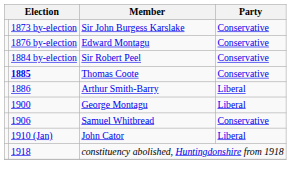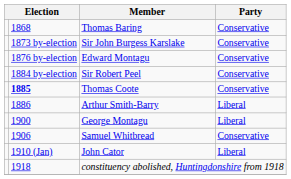 <table class="wikitable">
 <tr>
 <th colspan="2">Election</th>
 <th>Member</th>
 <th>Party</th>
+</tr>
+<tr>
+<td style="color:inherit;background-color: "></td>
+<td><a href='#'>1868</a></td>
+<td><a href='#'>Thomas Baring</a></td>
+<td><a href='#'>Conservative</a></td>
 </tr>
 <tr>
 <td style="color:inherit;background-color: "></td>
 <td><a href='#'>1873 by-election</a></td>
 <td><a href='#'>Sir John Burgess Karslake</a></td>
 <td><a href='#'>Conservative</a></td>
 </tr>
 <tr>
 <td style="color:inherit;background-color: "></td>
 <td><a href='#'>1876 by-election</a></td>
 <td><a href='#'>Edward Montagu</a></td>
 <td><a href='#'>Conservative</a></td>
 </tr>
 <tr>
 <td style="color:inherit;background-color: "></td>
 <td><a href='#'>1884 by-election</a></td>
 <td><a href='#'>Sir Robert Peel</a></td>
 <td><a href='#'>Conservative</a> </td>
 </tr>
 <tr>
 <td style="color:inherit;background-color: "></td>
 <td><strong><a href='#'>1885</a></strong></td>
 <td><a href='#'>Thomas Coote</a></td>
 <td><a href='#'>Conservative</a></td>
 </tr>
 <tr>
 <td style="color:inherit;background-color: "></td>
 <td><a href='#'>1886</a></td>
 <td><a href='#'>Arthur Smith-Barry</a></td>
 <td><a href='#'>Liberal</a></td>
 </tr>
 <tr>
 <td style="color:inherit;background-color: "></td>
 <td><a href='#'>1900</a></td>
 <td><a href='#'>George Montagu</a></td>
 <td><a href='#'>Liberal</a></td>
 </tr>
 <tr>
 <td style="color:inherit;background-color: "></td>
 <td><a href='#'>1906</a></td>
 <td><a href='#'>Samuel Whitbread</a></td>
 <td><a href='#'>Conservative</a></td>
 </tr>
 <tr>
 <td style="color:inherit;background-color: "></td>
 <td><a href='#'>1910 (Jan)</a></td>
 <td><a href='#'>John Cator</a></td>
 <td><a href='#'>Liberal</a></td>
 </tr>
 <tr>
 <td></td>
 <td><a href='#'>1918</a></td>
 <td colspan="2"><em>constituency abolished, <a href='#'>Huntingdonshire</a> from 1918</em></td>
 </tr>
 <tr>
 </tr>
 </table>
